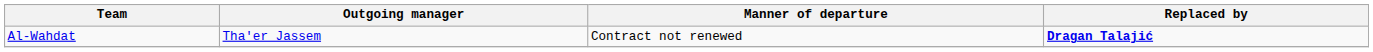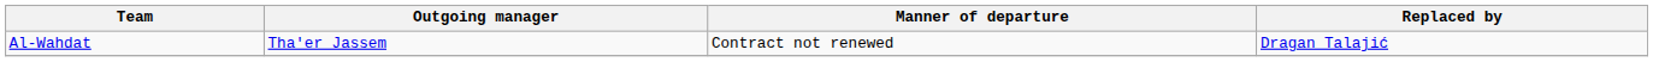 <table class="wikitable"  text-align: center;" style="font-size: 90%"  width=100%>
 <tr>
 <th>Team</th>
 <th>Outgoing manager</th>
 <th>Manner of departure</th>
 <th>Replaced by</th>
 </tr>
 <tr>
 <td><a href='#'>Al-Wahdat</a></td>
 <td> <a href='#'>Tha'er Jassem</a></td>
 <td>Contract not renewed</td>
-<td><strong> <a href='#'>Dragan Talajić</a></strong></td>
+<td> <a href='#'>Dragan Talajić</a></td>
 </tr>
 <tr>
 </tr>
 </table>
